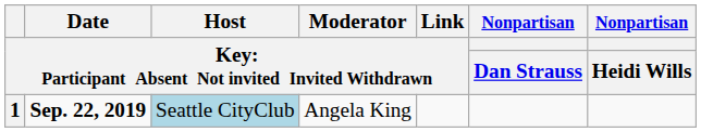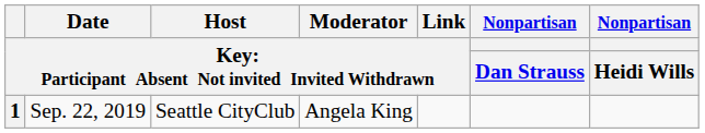 <table class="wikitable" style="text-align:center;">
 <tr>
 <th scope="col"></th>
 <th scope="col">Date</th>
 <th scope="col">Host</th>
 <th scope="col">Moderator</th>
 <th scope="col">Link</th>
 <th scope="col"><small><a href='#'>Nonpartisan</a></small></th>
 <th scope="col"><small><a href='#'>Nonpartisan</a></small></th>
 </tr>
 <tr>
 <th colspan="5" rowspan="2">Key:<br> <small>Participant </small>  <small>Absent </small>  <small>Not invited </small>  <small>Invited  Withdrawn</small></th>
 <th scope="col" style="background:"></th>
 <th scope="col" style="background:"></th>
 </tr>
 <tr>
 <th scope="col"><a href='#'>Dan Strauss</a></th>
 <th scope="col">Heidi Wills</th>
 </tr>
 <tr>
 <th>1</th>
-<td style="white-space:nowrap;"><strong>Sep. 22, 2019</strong></td>
-<td style="background: lightblue; white-space:nowrap;">Seattle CityClub</td>
+<td style="white-space:nowrap;">Sep. 22, 2019</td>
+<td style="white-space:nowrap;">Seattle CityClub</td>
 <td style="white-space:nowrap;">Angela King</td>
 <td style="white-space:nowrap;"></td>
 <td></td>
 <td></td>
 </tr>
 </table>
